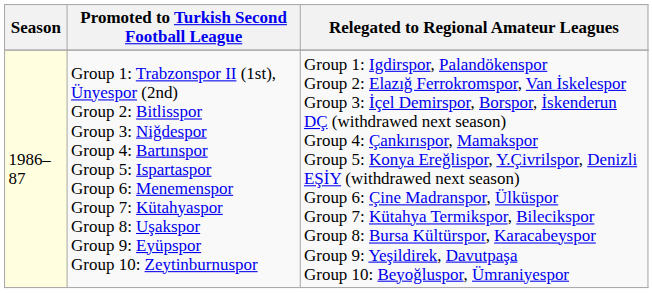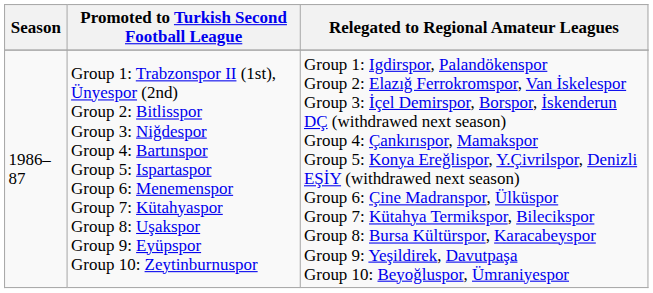 <table class="wikitable">
 <tr>
 <th>Season</th>
 <th>Promoted to <a href='#'>Turkish Second Football League</a></th>
 <th>Relegated to Regional Amateur Leagues</th>
 </tr>
 <tr>
 </tr>
 <tr>
-<td style="background: lightyellow;">1986–87</td>
+<td>1986–87</td>
 <td>Group 1: <a href='#'>Trabzonspor II</a> (1st), <a href='#'>Ünyespor</a> (2nd)<br>Group 2: <a href='#'>Bitlisspor</a><br> Group 3: <a href='#'>Niğdespor</a><br>Group 4: <a href='#'>Bartınspor</a><br>Group 5: <a href='#'>Ispartaspor</a><br>Group 6: <a href='#'>Menemenspor</a><br>Group 7: <a href='#'>Kütahyaspor</a><br>Group 8: <a href='#'>Uşakspor</a><br>Group 9: <a href='#'>Eyüpspor</a><br>Group 10: <a href='#'>Zeytinburnuspor</a></td>
 <td>Group 1: <a href='#'>Igdirspor</a>, <a href='#'>Palandökenspor</a><br> Group 2: <a href='#'>Elazığ Ferrokromspor</a>, <a href='#'>Van İskelespor</a><br>Group 3: <a href='#'>İçel Demirspor</a>, <a href='#'>Borspor</a>, <a href='#'>İskenderun DÇ</a> (withdrawed next season)<br>Group 4: <a href='#'>Çankırıspor</a>, <a href='#'>Mamakspor</a><br>Group 5: <a href='#'>Konya Ereğlispor</a>, <a href='#'>Y.Çivrilspor</a>, <a href='#'>Denizli EŞİY</a> (withdrawed next season)<br>Group 6: <a href='#'>Çine Madranspor</a>, <a href='#'>Ülküspor</a><br>Group 7: <a href='#'>Kütahya Termikspor</a>, <a href='#'>Bilecikspor</a><br>Group 8: <a href='#'>Bursa Kültürspor</a>, <a href='#'>Karacabeyspor</a><br>Group 9: <a href='#'>Yeşildirek</a>, <a href='#'>Davutpaşa</a><br>Group 10: <a href='#'>Beyoğluspor</a>, <a href='#'>Ümraniyespor</a></td>
 </tr>
 </table>
